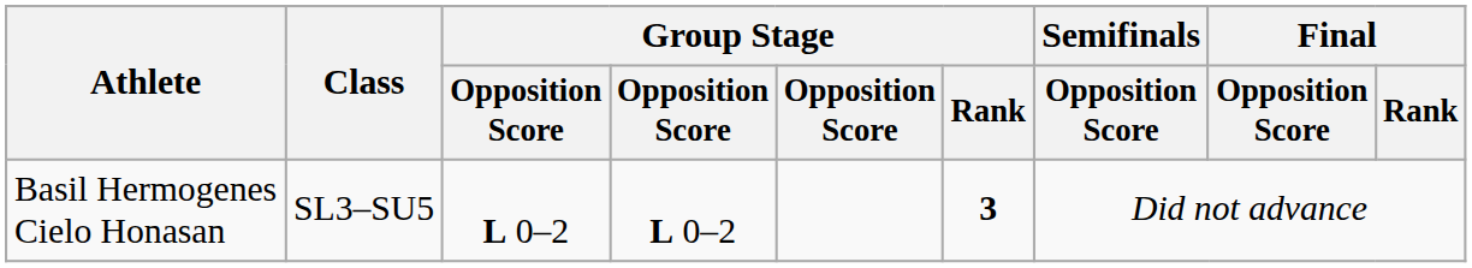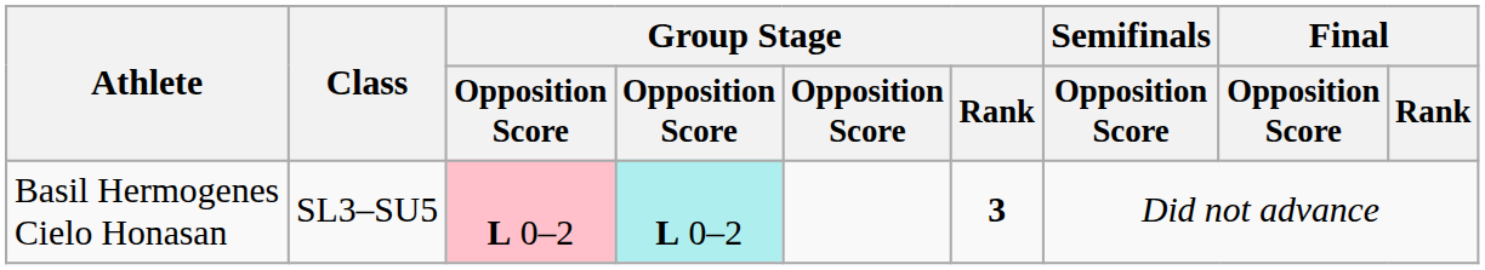 <table class="wikitable" style="font-size:90%; text-align:center">
 <tr>
 <th rowspan=2>Athlete</th>
 <th rowspan=2>Class</th>
 <th colspan=4>Group Stage</th>
 <th>Semifinals</th>
 <th colspan=2>Final</th>
 </tr>
 <tr style="font-size:90%">
 <th>Opposition<br>Score</th>
 <th>Opposition<br>Score</th>
 <th>Opposition<br>Score</th>
 <th>Rank</th>
 <th>Opposition<br>Score</th>
 <th>Opposition<br>Score</th>
 <th>Rank</th>
 </tr>
 <tr align=center>
 <td align=left>Basil Hermogenes<br>Cielo Honasan</td>
 <td rowspan=2 align=left>SL3–SU5</td>
-<td><br><strong>L</strong> 0–2</td>
-<td><br><strong>L</strong> 0–2</td>
+<td style="background: pink;"><br><strong>L</strong> 0–2</td>
+<td style="background: paleturquoise;"><br><strong>L</strong> 0–2</td>
 <td></td>
 <td><strong>3</strong></td>
 <td colspan=3><em>Did not advance</em></td>
 </tr>
 </table>
